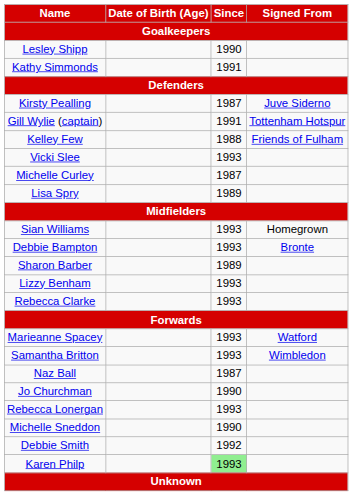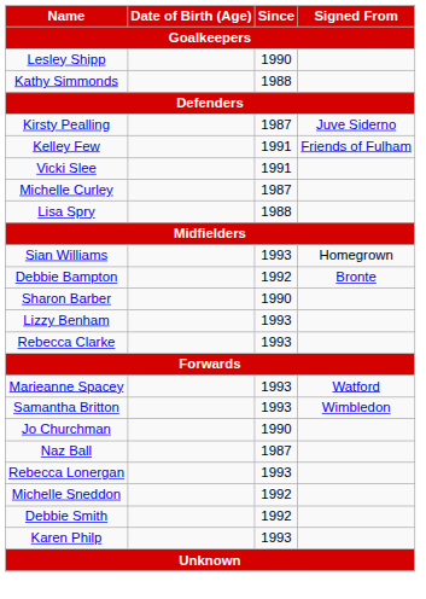 <table class="wikitable" style="text-align:center; font-size:100%; ">
 <tr>
 <th style="background:#d50000; color:white; text-align:center;">Name</th>
 <th style="background:#d50000; color:white; text-align:center;">Date of Birth (Age)</th>
 <th style="background:#d50000; color:white; text-align:center;">Since</th>
 <th style="background:#d50000; color:white; text-align:center;">Signed From</th>
 </tr>
 <tr>
 <th style="background:#d50000; color:white; text-align:center;" colspan="4">Goalkeepers</th>
 </tr>
 <tr>
 <td> <a href='#'>Lesley Shipp</a></td>
 <td></td>
 <td>1990</td>
 <td></td>
 </tr>
 <tr>
 <td><a href='#'>Kathy Simmonds</a></td>
 <td></td>
-<td>1991</td>
+<td>1988</td>
 <td></td>
 </tr>
 <tr>
 <th style="background:#d50000; color:white; text-align:center;" colspan="4">Defenders</th>
 </tr>
 <tr>
 <td> <a href='#'>Kirsty Pealling</a></td>
 <td></td>
 <td>1987</td>
 <td> <a href='#'>Juve Siderno</a></td>
 </tr>
 <tr>
-<td><em></em> <a href='#'>Gill Wylie</a> (<a href='#'>captain</a>)</td>
+<td> <a href='#'>Kelley Few</a></td>
 <td></td>
 <td>1991</td>
-<td> <a href='#'>Tottenham Hotspur</a></td>
-</tr>
-<tr>
-<td> <a href='#'>Kelley Few</a></td>
-<td></td>
-<td>1988</td>
 <td><em></em> <a href='#'>Friends of Fulham</a></td>
 </tr>
 <tr>
 <td> <a href='#'>Vicki Slee</a></td>
 <td></td>
-<td>1993</td>
+<td>1991</td>
 <td></td>
 </tr>
 <tr>
 <td> <a href='#'>Michelle Curley</a></td>
 <td></td>
 <td>1987</td>
 <td></td>
 </tr>
 <tr>
 <td> <a href='#'>Lisa Spry</a></td>
 <td></td>
-<td>1989</td>
+<td>1988</td>
 <td></td>
 </tr>
 <tr>
 <th style="background:#d50000; color:white; text-align:center;" colspan="4">Midfielders</th>
 </tr>
 <tr>
 <td> <a href='#'>Sian Williams</a></td>
 <td></td>
 <td>1993</td>
 <td>Homegrown</td>
 </tr>
 <tr>
 <td> <a href='#'>Debbie Bampton</a></td>
 <td></td>
-<td>1993</td>
+<td>1992</td>
 <td><em></em> <a href='#'>Bronte</a></td>
 </tr>
 <tr>
 <td> <a href='#'>Sharon Barber</a></td>
 <td></td>
-<td>1989</td>
+<td>1990</td>
 <td></td>
 </tr>
 <tr>
 <td><a href='#'>Lizzy Benham</a></td>
 <td></td>
 <td>1993</td>
 <td></td>
 </tr>
 <tr>
 <td><a href='#'>Rebecca Clarke</a></td>
 <td></td>
 <td>1993</td>
 <td></td>
 </tr>
 <tr>
 <th style="background:#d50000; color:white; text-align:center;" colspan="4">Forwards</th>
 </tr>
 <tr>
 <td> <a href='#'>Marieanne Spacey</a></td>
 <td></td>
 <td>1993</td>
 <td> <a href='#'>Watford</a></td>
 </tr>
 <tr>
 <td><a href='#'>Samantha Britton</a></td>
 <td></td>
 <td>1993</td>
 <td><em></em> <a href='#'>Wimbledon</a></td>
 </tr>
 <tr>
+<td> <a href='#'>Jo Churchman</a></td>
+<td></td>
+<td>1990</td>
+<td></td>
+</tr>
+<tr>
 <td> <a href='#'>Naz Ball</a></td>
 <td></td>
 <td>1987</td>
-<td></td>
-</tr>
-<tr>
-<td> <a href='#'>Jo Churchman</a></td>
-<td></td>
-<td>1990</td>
 <td></td>
 </tr>
 <tr>
 <td> <a href='#'>Rebecca Lonergan</a></td>
 <td></td>
 <td>1993</td>
 <td></td>
 </tr>
 <tr>
 <td> <a href='#'>Michelle Sneddon</a></td>
 <td></td>
-<td>1990</td>
+<td>1992</td>
 <td></td>
 </tr>
 <tr>
 <td> <a href='#'>Debbie Smith</a></td>
 <td></td>
 <td>1992</td>
 <td></td>
 </tr>
 <tr>
 <td><a href='#'>Karen Philp</a></td>
 <td></td>
-<td style="background: lightgreen;">1993</td>
+<td>1993</td>
 <td></td>
 </tr>
 <tr>
 <th style="background:#d50000; color:white; text-align:center;" colspan="4">Unknown</th>
 </tr>
 </table>
